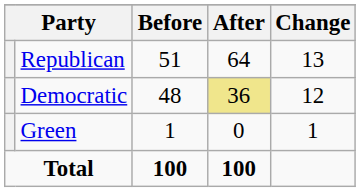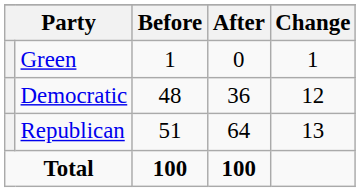 <table class="wikitable" style="text-align:center;">
 <tr>
 </tr>
 <tr>
 <th colspan=2>Party</th>
 <th>Before</th>
 <th>After</th>
 <th>Change</th>
 </tr>
 <tr>
 <th style="background-color:"></th>
-<td style="text-align:left;"><a href='#'>Republican</a></td>
-<td>51</td>
-<td>64</td>
-<td> 13</td>
+<td style="text-align:left;"><a href='#'>Green</a></td>
+<td>1</td>
+<td>0</td>
+<td> 1</td>
 </tr>
 <tr>
 <th style="background-color:"></th>
 <td style="text-align:left;"><a href='#'>Democratic</a></td>
 <td>48</td>
-<td style="background: khaki;">36</td>
+<td>36</td>
 <td> 12</td>
 </tr>
 <tr>
 <th style="background-color:"></th>
-<td style="text-align:left;"><a href='#'>Green</a></td>
-<td>1</td>
-<td>0</td>
-<td> 1</td>
+<td style="text-align:left;"><a href='#'>Republican</a></td>
+<td>51</td>
+<td>64</td>
+<td> 13</td>
 </tr>
 <tr>
 <td colspan=2><strong>Total</strong></td>
 <td><strong>100</strong></td>
 <td><strong>100</strong></td>
 <td></td>
 </tr>
 </table>
